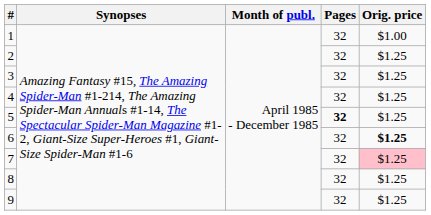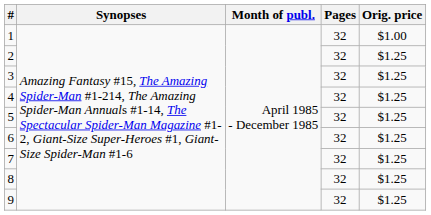 <table class="wikitable">
 <tr>
 <th>#</th>
 <th width="250">Synopses</th>
 <th>Month of <a href='#'>publ.</a></th>
 <th>Pages</th>
 <th>Orig. price</th>
 </tr>
 <tr align="center">
 <td>1</td>
 <td align="left" rowspan="9"><em>Amazing Fantasy</em> #15, <em><a href='#'>The Amazing Spider-Man</a></em> #1-214, <em>The Amazing Spider-Man Annual</em>s #1-14, <em><a href='#'>The Spectacular Spider-Man Magazine</a></em> #1-2, <em>Giant-Size Super-Heroes</em> #1, <em>Giant-Size Spider-Man</em> #1-6</td>
 <td align="right" rowspan="9">April 1985<br> - December 1985</td>
 <td>32</td>
 <td>$1.00</td>
 </tr>
 <tr align="center">
 <td>2</td>
 <td>32</td>
 <td>$1.25</td>
 </tr>
 <tr align="center">
 <td>3</td>
 <td>32</td>
 <td>$1.25</td>
 </tr>
 <tr align="center">
 <td>4</td>
 <td>32</td>
 <td>$1.25</td>
 </tr>
 <tr align="center">
 <td>5</td>
-<td><strong>32</strong></td>
+<td>32</td>
 <td>$1.25</td>
 </tr>
 <tr align="center">
 <td>6</td>
 <td>32</td>
-<td><strong>$1.25</strong></td>
+<td>$1.25</td>
 </tr>
 <tr align="center">
 <td>7</td>
 <td>32</td>
-<td style="background: pink;">$1.25</td>
+<td>$1.25</td>
 </tr>
 <tr align="center">
 <td>8</td>
 <td>32</td>
 <td>$1.25</td>
 </tr>
 <tr align="center">
 <td>9</td>
 <td>32</td>
 <td>$1.25</td>
 </tr>
 </table>
